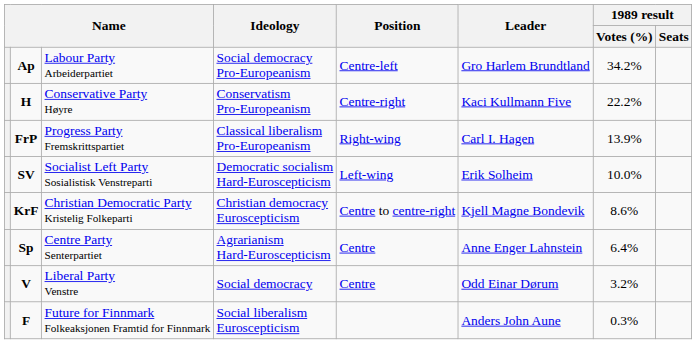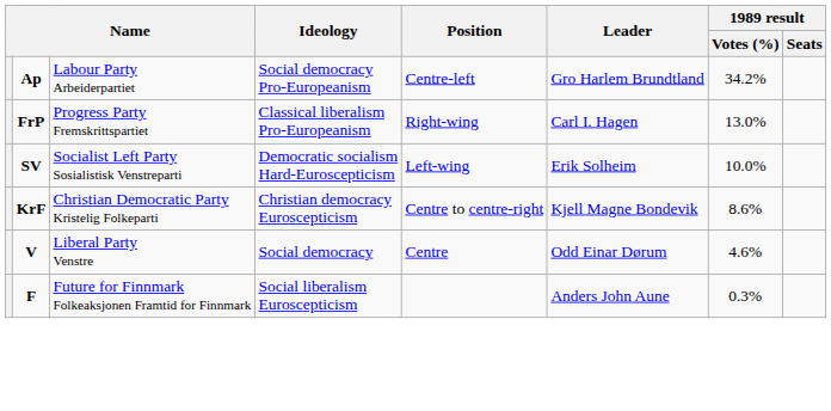 <table class="wikitable">
 <tr>
 <th rowspan=2 colspan=3 width=225px>Name</th>
 <th rowspan=2>Ideology</th>
 <th rowspan=2>Position</th>
 <th rowspan=2>Leader</th>
 <th colspan=2>1989 result</th>
 </tr>
 <tr>
 <th>Votes (%)</th>
 <th>Seats</th>
 </tr>
 <tr>
 <th style="background:"></th>
 <td align=center><strong>Ap</strong></td>
 <td><a href='#'>Labour Party</a><br><small>Arbeiderpartiet</small></td>
 <td><a href='#'>Social democracy</a><br><a href='#'>Pro-Europeanism</a></td>
 <td><a href='#'>Centre-left</a></td>
 <td><a href='#'>Gro Harlem Brundtland</a></td>
 <td align=center>34.2%</td>
 <td></td>
 </tr>
 <tr>
 <th style="background:"></th>
-<td align=center><strong>H</strong></td>
-<td><a href='#'>Conservative Party</a><br><small>Høyre</small></td>
-<td><a href='#'>Conservatism</a><br><a href='#'>Pro-Europeanism</a></td>
-<td><a href='#'>Centre-right</a></td>
-<td><a href='#'>Kaci Kullmann Five</a></td>
-<td align=center>22.2%</td>
-<td></td>
-</tr>
-<tr>
-<th style="background:"></th>
 <td align="center"><strong>FrP</strong></td>
 <td><a href='#'>Progress Party</a><br><small>Fremskrittspartiet</small></td>
 <td><a href='#'>Classical liberalism</a><br><a href='#'>Pro-Europeanism</a></td>
 <td><a href='#'>Right-wing</a></td>
 <td><a href='#'>Carl I. Hagen</a></td>
-<td align="center">13.9%</td>
+<td align="center">13.0%</td>
 <td></td>
 </tr>
 <tr>
 <th style="background:"></th>
 <td align="center"><strong>SV</strong></td>
 <td><a href='#'>Socialist Left Party</a><br><small>Sosialistisk Venstreparti</small></td>
 <td><a href='#'>Democratic socialism</a><br><a href='#'>Hard-Euroscepticism</a></td>
 <td><a href='#'>Left-wing</a></td>
 <td><a href='#'>Erik Solheim</a></td>
 <td align="center">10.0%</td>
 <td></td>
 </tr>
 <tr>
 <th style="background:"></th>
 <td align="center"><strong>KrF</strong></td>
 <td><a href='#'>Christian Democratic Party</a><br><small>Kristelig Folkeparti</small></td>
 <td><a href='#'>Christian democracy</a><br><a href='#'>Euroscepticism</a></td>
 <td><a href='#'>Centre</a> to <a href='#'>centre-right</a></td>
 <td><a href='#'>Kjell Magne Bondevik</a></td>
 <td align="center">8.6%</td>
 <td></td>
 </tr>
 <tr>
 <th style="background:"></th>
-<td align="center"><strong>Sp</strong></td>
-<td><a href='#'>Centre Party</a><br><small>Senterpartiet</small></td>
-<td><a href='#'>Agrarianism</a><br><a href='#'>Hard-Euroscepticism</a></td>
-<td><a href='#'>Centre</a></td>
-<td><a href='#'>Anne Enger Lahnstein</a></td>
-<td align="center">6.4%</td>
-<td></td>
-</tr>
-<tr>
-<th style="background:"></th>
 <td align="center"><strong>V</strong></td>
 <td><a href='#'>Liberal Party</a><br><small>Venstre</small></td>
 <td><a href='#'>Social democracy</a></td>
 <td><a href='#'>Centre</a></td>
 <td><a href='#'>Odd Einar Dørum</a></td>
-<td align="center">3.2%</td>
+<td align="center">4.6%</td>
 <td></td>
 </tr>
 <tr>
 <th style="background:"></th>
 <td align="center"><strong>F</strong></td>
 <td><a href='#'>Future for Finnmark</a> <br><small>Folkeaksjonen Framtid for Finnmark</small></td>
 <td><a href='#'>Social liberalism</a><br><a href='#'>Euroscepticism</a></td>
 <td></td>
 <td><a href='#'>Anders John Aune</a></td>
 <td align="center">0.3%</td>
 <td></td>
 </tr>
 </table>
